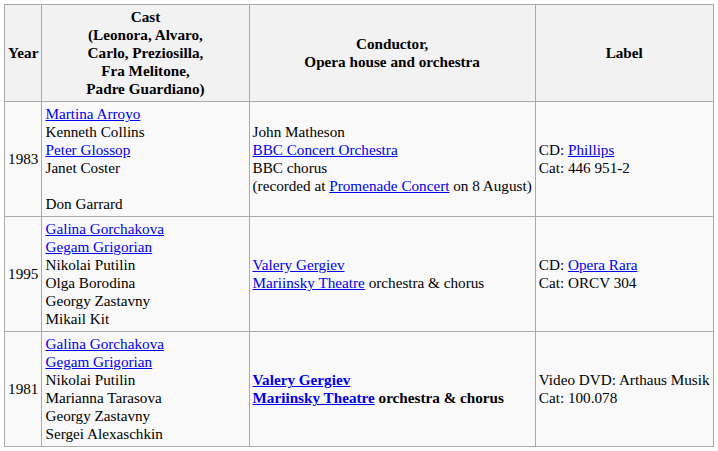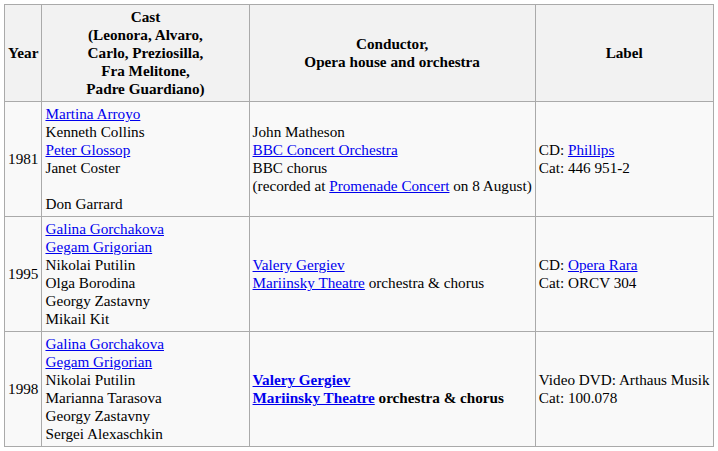 <table class="wikitable" style="font-size:95%;">
 <tr>
 <th>Year</th>
 <th width="200">Cast<br>(Leonora, Alvaro,<br>Carlo, Preziosilla,<br>Fra Melitone,<br>Padre Guardiano)</th>
 <th>Conductor,<br>Opera house and orchestra</th>
 <th>Label</th>
 </tr>
 <tr>
-<td>1983</td>
+<td>1981</td>
 <td><a href='#'>Martina Arroyo</a><br>Kenneth Collins<br><a href='#'>Peter Glossop</a><br>Janet Coster<br><br>Don Garrard</td>
 <td>John Matheson<br><a href='#'>BBC Concert Orchestra</a><br>BBC chorus<br>(recorded at <a href='#'>Promenade Concert</a> on 8 August)</td>
 <td>CD: <a href='#'>Phillips</a><br>Cat: 446 951-2</td>
 </tr>
 <tr>
 <td>1995</td>
 <td><a href='#'>Galina Gorchakova</a><br><a href='#'>Gegam Grigorian</a><br>Nikolai Putilin<br>Olga Borodina<br>Georgy Zastavny<br>Mikail Kit</td>
 <td><a href='#'>Valery Gergiev</a><br><a href='#'>Mariinsky Theatre</a> orchestra & chorus</td>
 <td>CD: <a href='#'>Opera Rara</a><br>Cat: ORCV 304</td>
 </tr>
 <tr>
-<td>1981</td>
+<td>1998</td>
 <td><a href='#'>Galina Gorchakova</a><br><a href='#'>Gegam Grigorian</a><br>Nikolai Putilin<br>Marianna Tarasova<br>Georgy Zastavny<br>Sergei Alexaschkin</td>
 <td><strong><a href='#'>Valery Gergiev</a><br><a href='#'>Mariinsky Theatre</a> orchestra & chorus</strong></td>
 <td>Video DVD: Arthaus Musik<br>Cat: 100.078</td>
 </tr>
 </table>
